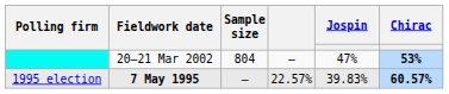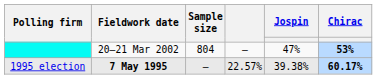 <table class="wikitable sortable" style="text-align:center;font-size:90%;line-height:14px;">
 <tr style="height:40px;">
 <th style="width:100px;" rowspan="2">Polling firm</th>
 <th style="width:110px;" rowspan="2">Fieldwork date</th>
 <th style="width:35px;" rowspan="2">Sample<br>size</th>
 <th style="width:30px;" rowspan="2"></th>
 <th class="unsortable" style="width:60px;"><a href='#'>Jospin</a><br></th>
 <th class="unsortable" style="width:60px;"><a href='#'>Chirac</a><br></th>
 </tr>
 <tr>
 <th style="background:"></th>
 <th style="background:"></th>
 </tr>
 <tr>
 <td style="background:#04FBF4;"></td>
 <td data-sort-value="2002-03-21">20–21 Mar 2002</td>
 <td>804</td>
 <td>–</td>
 <td>47%</td>
 <td style="background:#B9DAFF;"><strong>53%</strong></td>
 </tr>
 <tr style="background:#E9E9E9;">
 <td><a href='#'>1995 election</a></td>
 <td data-sort-value="1995-05-07"><strong>7 May 1995</strong></td>
 <td>–</td>
 <td>22.57%</td>
-<td>39.83%</td>
-<td style="background:#B9DAFF;"><strong>60.57%</strong></td>
+<td>39.38%</td>
+<td style="background:#B9DAFF;"><strong>60.17%</strong></td>
 </tr>
 </table>
